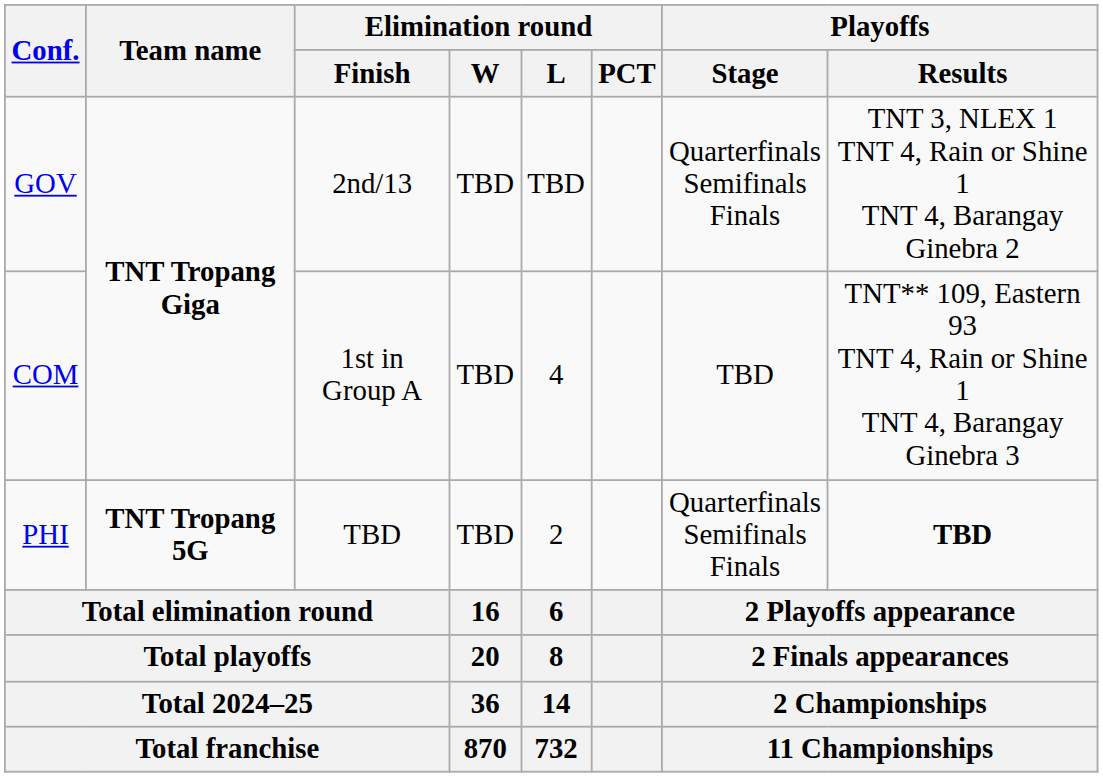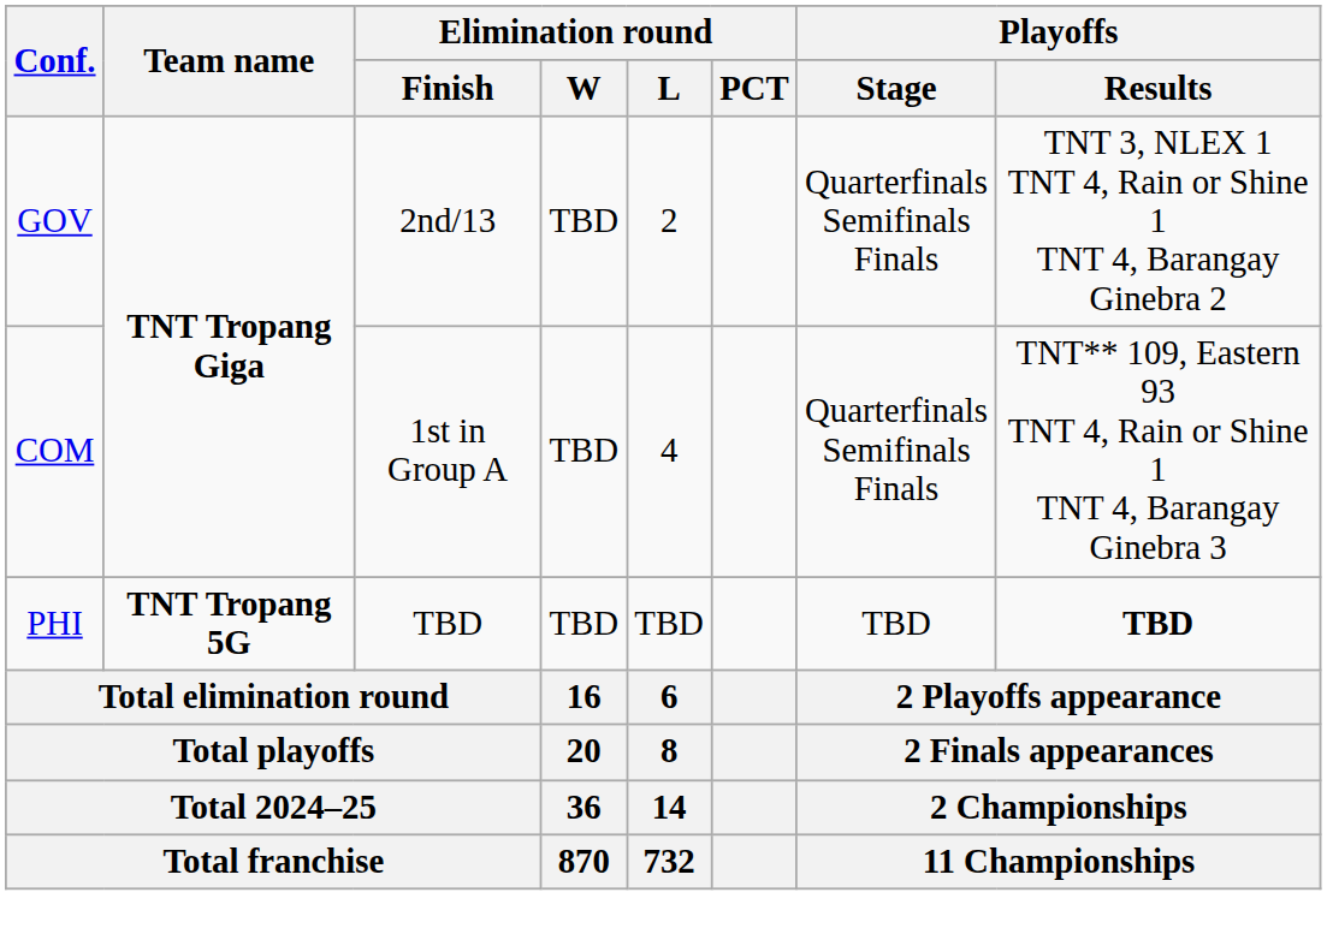 <table class=wikitable style="text-align:center;">
 <tr>
 <th rowspan=2><a href='#'>Conf.</a></th>
 <th rowspan=2>Team name</th>
 <th colspan=4>Elimination round</th>
 <th colspan=2>Playoffs</th>
 </tr>
 <tr>
 <th>Finish</th>
 <th>W</th>
 <th>L</th>
 <th>PCT</th>
 <th>Stage</th>
 <th>Results</th>
 </tr>
 <tr>
 <td><a href='#'>GOV</a></td>
 <td rowspan=2><strong>TNT Tropang Giga</strong></td>
 <td>2nd/13</td>
 <td>TBD</td>
-<td>TBD</td>
+<td>2</td>
 <td></td>
 <td>Quarterfinals<br>Semifinals<br>Finals</td>
 <td>TNT 3, NLEX 1<br>TNT 4, Rain or Shine 1<br>TNT 4, Barangay Ginebra 2</td>
 </tr>
 <tr>
 <td><a href='#'>COM</a></td>
 <td>1st in Group A</td>
 <td>TBD</td>
 <td>4</td>
 <td></td>
-<td>TBD</td>
+<td>Quarterfinals<br>Semifinals<br>Finals</td>
 <td>TNT** 109, Eastern 93<br>TNT 4, Rain or Shine 1<br>TNT 4, Barangay Ginebra 3</td>
 </tr>
 <tr>
 <td><a href='#'>PHI</a></td>
 <td><strong>TNT Tropang 5G</strong></td>
 <td>TBD</td>
 <td>TBD</td>
-<td>2</td>
+<td>TBD</td>
 <td></td>
-<td>Quarterfinals<br>Semifinals<br>Finals</td>
+<td>TBD</td>
 <td><strong>TBD</strong></td>
 </tr>
 <tr>
 <th colspan=3>Total elimination round</th>
 <th>16</th>
 <th>6</th>
 <th></th>
 <th colspan=2>2 Playoffs appearance</th>
 </tr>
 <tr>
 <th colspan=3>Total playoffs</th>
 <th>20</th>
 <th>8</th>
 <th></th>
 <th colspan=2>2 Finals appearances</th>
 </tr>
 <tr>
 <th colspan=3>Total 2024–25</th>
 <th>36</th>
 <th>14</th>
 <th></th>
 <th colspan=2>2 Championships</th>
 </tr>
 <tr>
 <th colspan=3>Total franchise</th>
 <th>870</th>
 <th>732</th>
 <th></th>
 <th colspan=2>11 Championships</th>
 </tr>
 </table>
